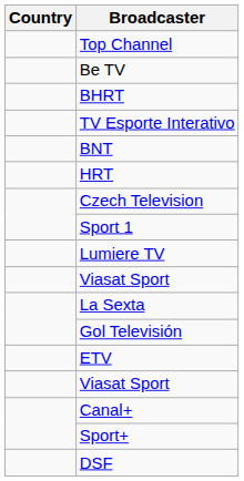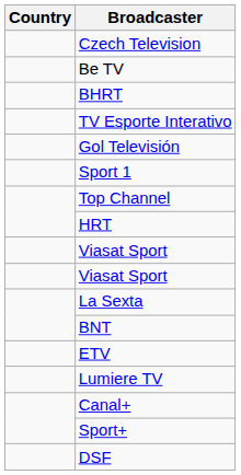 <table class="wikitable">
 <tr>
 <th align=center>Country</th>
 <th align=center>Broadcaster</th>
 </tr>
 <tr>
 <td align=left></td>
-<td><a href='#'>Top Channel</a></td>
+<td><a href='#'>Czech Television</a></td>
 </tr>
 <tr>
 <td align=left></td>
 <td>Be TV</td>
 </tr>
 <tr>
 <td align=left></td>
 <td><a href='#'>BHRT</a></td>
 </tr>
 <tr>
 <td align=left></td>
 <td><a href='#'>TV Esporte Interativo</a></td>
 </tr>
 <tr>
 <td align=left></td>
-<td><a href='#'>BNT</a></td>
+<td><a href='#'>Gol Televisión</a></td>
 </tr>
 <tr>
 <td align=left></td>
+<td><a href='#'>Sport 1</a></td>
+</tr>
+<tr>
+<td align=left rowspan="2"></td>
+<td><a href='#'>Top Channel</a></td>
+</tr>
+<tr>
 <td><a href='#'>HRT</a></td>
 </tr>
 <tr>
-<td align=left rowspan="2"></td>
-<td><a href='#'>Czech Television</a></td>
-</tr>
-<tr>
-<td><a href='#'>Sport 1</a></td>
-</tr>
-<tr>
 <td></td>
-<td><a href='#'>Lumiere TV</a></td>
+<td><a href='#'>Viasat Sport</a></td>
 </tr>
 <tr>
 <td></td>
 <td><a href='#'>Viasat Sport</a></td>
 </tr>
 <tr>
 <td align=left rowspan="2"></td>
 <td><a href='#'>La Sexta</a></td>
 </tr>
 <tr>
-<td><a href='#'>Gol Televisión</a></td>
+<td><a href='#'>BNT</a></td>
 </tr>
 <tr>
 <td></td>
 <td><a href='#'>ETV</a></td>
 </tr>
 <tr>
 <td></td>
-<td><a href='#'>Viasat Sport</a></td>
+<td><a href='#'>Lumiere TV</a></td>
 </tr>
 <tr>
 <td align=left rowspan="2"></td>
 <td><a href='#'>Canal+</a></td>
 </tr>
 <tr>
 <td><a href='#'>Sport+</a></td>
 </tr>
 <tr>
 <td></td>
 <td><a href='#'>DSF</a></td>
 </tr>
 </table>
